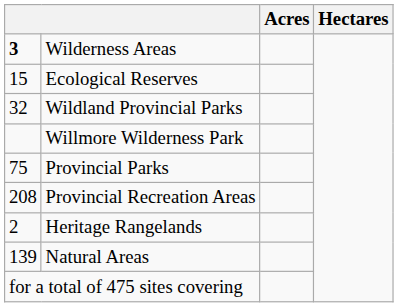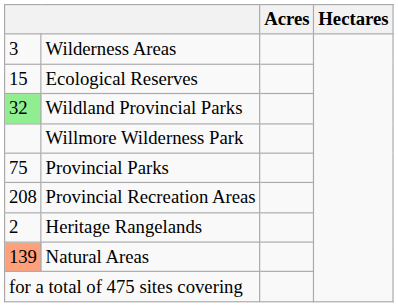 <table class=wikitable>
 <tr>
 <th colspan=2></th>
 <th>Acres</th>
 <th>Hectares</th>
 </tr>
 <tr>
-<td><strong>3</strong></td>
+<td>3</td>
 <td>Wilderness Areas</td>
 <td></td>
 </tr>
 <tr>
 <td>15</td>
 <td>Ecological Reserves</td>
 <td></td>
 </tr>
 <tr>
-<td>32</td>
+<td style="background: lightgreen;">32</td>
 <td>Wildland Provincial Parks</td>
 <td></td>
 </tr>
 <tr>
 <td></td>
 <td>Willmore Wilderness Park</td>
 <td></td>
 </tr>
 <tr>
 <td>75</td>
 <td>Provincial Parks</td>
 <td></td>
 </tr>
 <tr>
 <td>208</td>
 <td>Provincial Recreation Areas</td>
 <td></td>
 </tr>
 <tr>
 <td>2</td>
 <td>Heritage Rangelands</td>
 <td></td>
 </tr>
 <tr>
-<td>139</td>
+<td style="background: lightsalmon;">139</td>
 <td>Natural Areas</td>
 <td></td>
 </tr>
 <tr>
 <td colspan=2>for a total of 475 sites covering</td>
 <td></td>
 </tr>
 </table>
